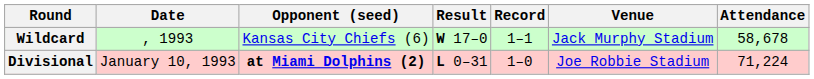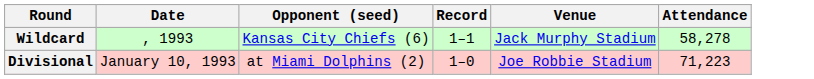 <table class="wikitable" style="text-align:center">
 <tr>
 <th>Round</th>
 <th>Date</th>
 <th>Opponent (seed)</th>
-<th>Result</th>
 <th>Record</th>
 <th>Venue</th>
 <th>Attendance</th>
 </tr>
 <tr style="background:#cfc">
 <th>Wildcard</th>
 <td>, 1993</td>
 <td><a href='#'>Kansas City Chiefs</a> (6)</td>
-<td><strong>W</strong> 17–0</td>
 <td>1–1</td>
 <td><a href='#'>Jack Murphy Stadium</a></td>
-<td>58,678</td>
+<td>58,278</td>
 </tr>
 <tr style="background:#fcc">
 <th>Divisional</th>
 <td>January 10, 1993</td>
-<td><strong>at <a href='#'>Miami Dolphins</a> (2)</strong></td>
-<td><strong>L</strong> 0–31</td>
+<td>at <a href='#'>Miami Dolphins</a> (2)</td>
 <td>1–0</td>
 <td><a href='#'>Joe Robbie Stadium</a></td>
-<td>71,224</td>
+<td>71,223</td>
 </tr>
 </table>
